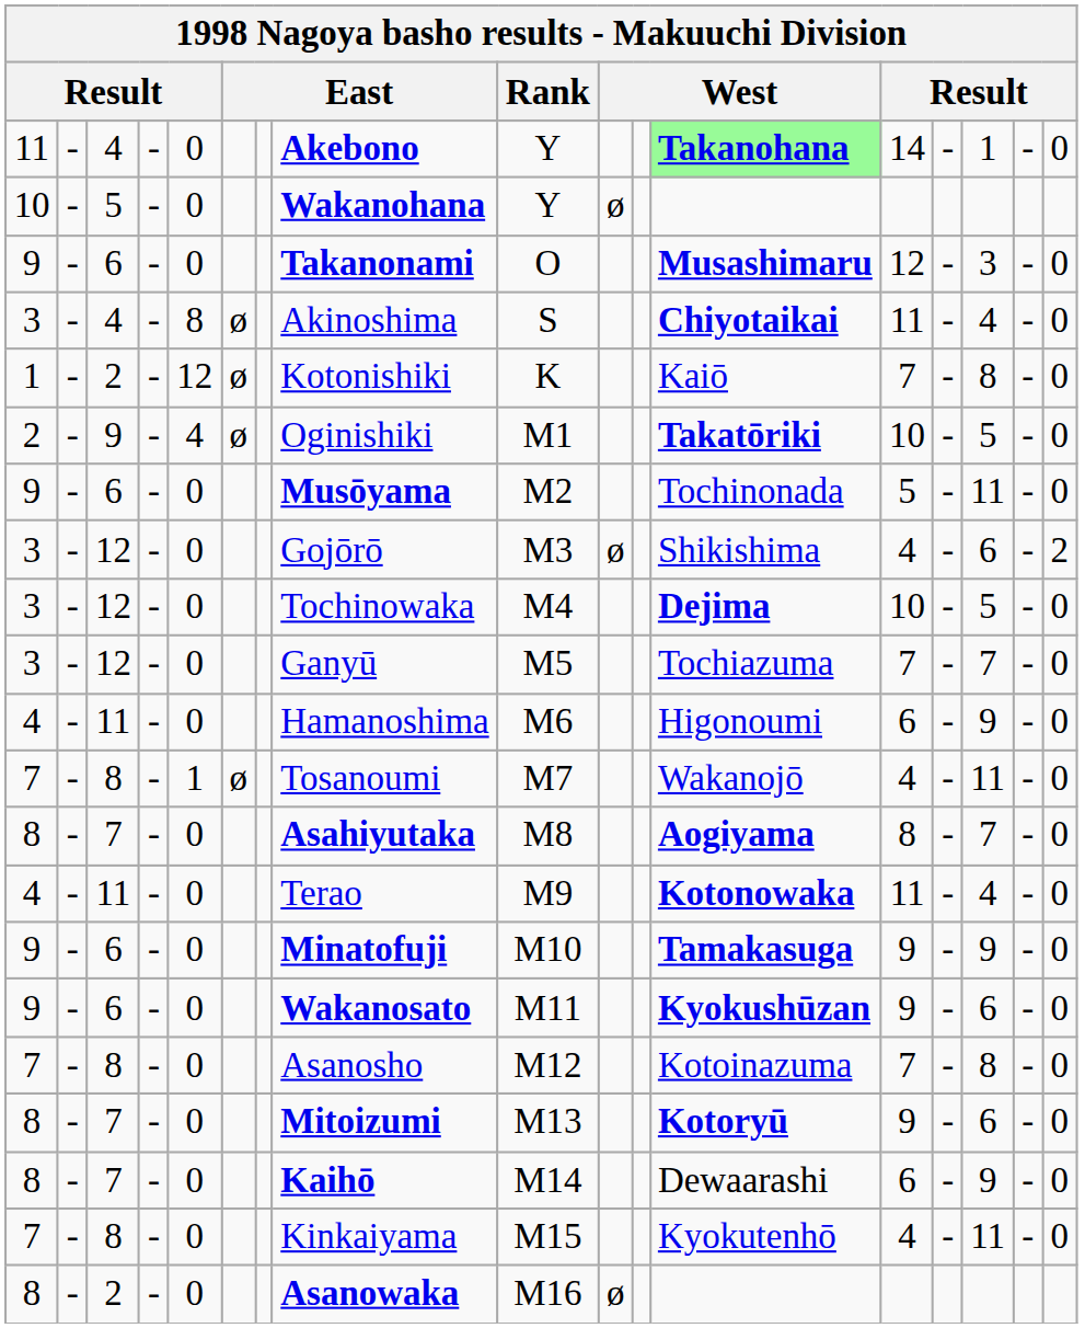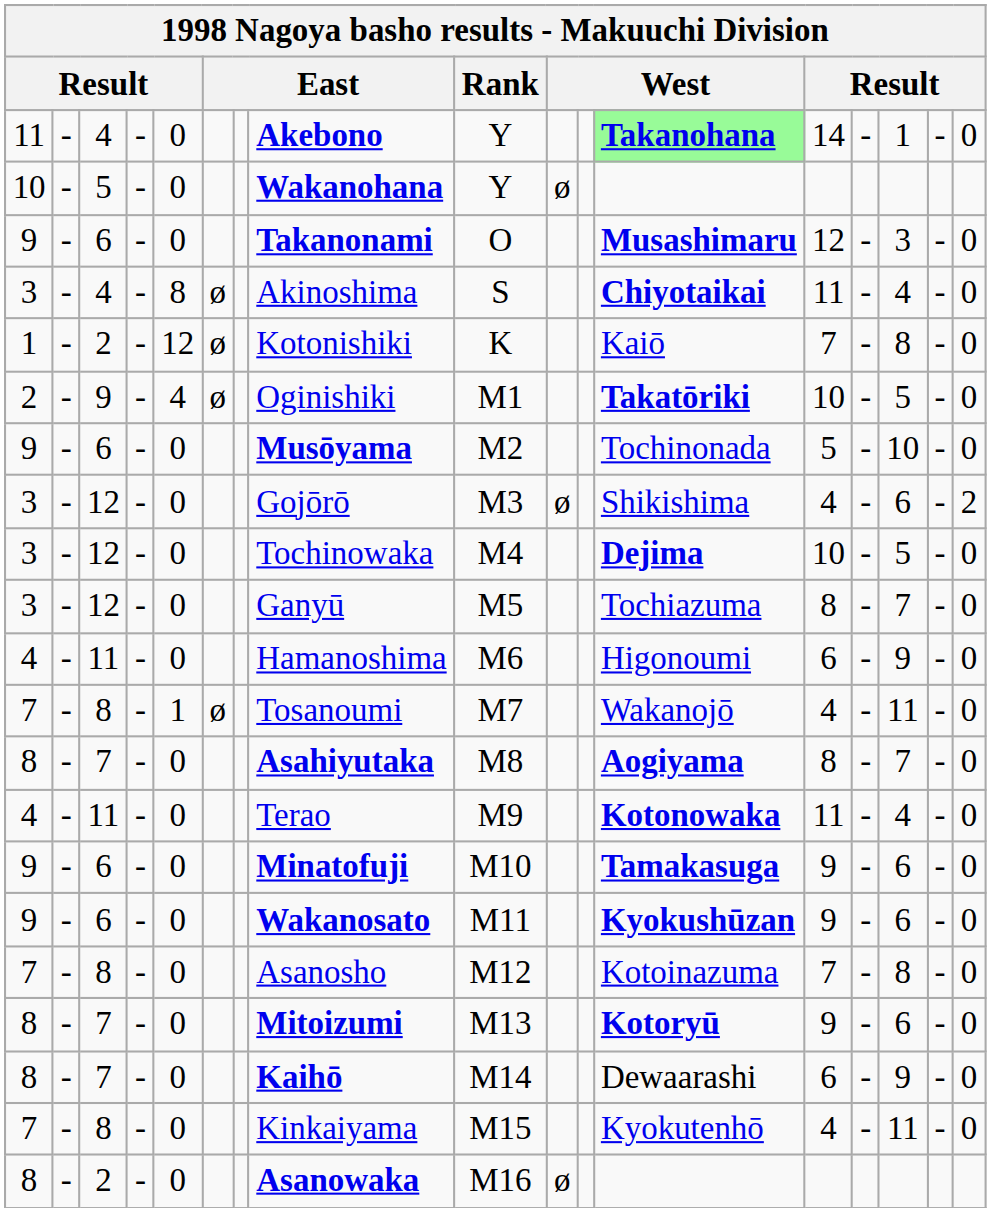 <table class="wikitable">
 <tr>
 <th colspan="17">1998 Nagoya basho results - Makuuchi Division</th>
 </tr>
 <tr>
 <th colspan="5">Result</th>
 <th colspan="3">East</th>
 <th>Rank</th>
 <th colspan="3">West</th>
 <th colspan="5">Result</th>
 </tr>
 <tr>
 <td align=center>11</td>
 <td align=center>-</td>
 <td align=center>4</td>
 <td align=center>-</td>
 <td align=center>0</td>
 <td align=center></td>
 <td align=center></td>
 <td><strong><a href='#'>Akebono</a></strong></td>
 <td align=center>Y</td>
 <td align=center></td>
 <td align=center></td>
 <td style="background: PaleGreen;"><strong><a href='#'>Takanohana</a></strong></td>
 <td align=center>14</td>
 <td align=center>-</td>
 <td align=center>1</td>
 <td align=center>-</td>
 <td align=center>0</td>
 </tr>
 <tr>
 <td align=center>10</td>
 <td align=center>-</td>
 <td align=center>5</td>
 <td align=center>-</td>
 <td align=center>0</td>
 <td align=center></td>
 <td align=center></td>
 <td><strong><a href='#'>Wakanohana</a></strong></td>
 <td align=center>Y</td>
 <td align=center>ø</td>
 <td align=center></td>
 <td></td>
 <td align=center></td>
 <td align=center></td>
 <td align=center></td>
 <td align=center></td>
 <td align=center></td>
 </tr>
 <tr>
 <td align=center>9</td>
 <td align=center>-</td>
 <td align=center>6</td>
 <td align=center>-</td>
 <td align=center>0</td>
 <td align=center></td>
 <td align=center></td>
 <td><strong><a href='#'>Takanonami</a></strong></td>
 <td align=center>O</td>
 <td align=center></td>
 <td align=center></td>
 <td><strong><a href='#'>Musashimaru</a></strong></td>
 <td align=center>12</td>
 <td align=center>-</td>
 <td align=center>3</td>
 <td align=center>-</td>
 <td align=center>0</td>
 </tr>
 <tr>
 <td align=center>3</td>
 <td align=center>-</td>
 <td align=center>4</td>
 <td align=center>-</td>
 <td align=center>8</td>
 <td align=center>ø</td>
 <td align=center></td>
 <td><a href='#'>Akinoshima</a></td>
 <td align=center>S</td>
 <td align=center></td>
 <td align=center></td>
 <td><strong><a href='#'>Chiyotaikai</a></strong></td>
 <td align=center>11</td>
 <td align=center>-</td>
 <td align=center>4</td>
 <td align=center>-</td>
 <td align=center>0</td>
 </tr>
 <tr>
 <td align=center>1</td>
 <td align=center>-</td>
 <td align=center>2</td>
 <td align=center>-</td>
 <td align=center>12</td>
 <td align=center>ø</td>
 <td align=center></td>
 <td><a href='#'>Kotonishiki</a></td>
 <td align=center>K</td>
 <td align=center></td>
 <td align=center></td>
 <td><a href='#'>Kaiō</a></td>
 <td align=center>7</td>
 <td align=center>-</td>
 <td align=center>8</td>
 <td align=center>-</td>
 <td align=center>0</td>
 </tr>
 <tr>
 <td align=center>2</td>
 <td align=center>-</td>
 <td align=center>9</td>
 <td align=center>-</td>
 <td align=center>4</td>
 <td align=center>ø</td>
 <td align=center></td>
 <td><a href='#'>Oginishiki</a></td>
 <td align=center>M1</td>
 <td align=center></td>
 <td align=center></td>
 <td><strong><a href='#'>Takatōriki</a></strong></td>
 <td align=center>10</td>
 <td align=center>-</td>
 <td align=center>5</td>
 <td align=center>-</td>
 <td align=center>0</td>
 </tr>
 <tr>
 <td align=center>9</td>
 <td align=center>-</td>
 <td align=center>6</td>
 <td align=center>-</td>
 <td align=center>0</td>
 <td align=center></td>
 <td align=center></td>
 <td><strong><a href='#'>Musōyama</a></strong></td>
 <td align=center>M2</td>
 <td align=center></td>
 <td align=center></td>
 <td><a href='#'>Tochinonada</a></td>
 <td align=center>5</td>
 <td align=center>-</td>
-<td align=center>11</td>
+<td align=center>10</td>
 <td align=center>-</td>
 <td align=center>0</td>
 </tr>
 <tr>
 <td align=center>3</td>
 <td align=center>-</td>
 <td align=center>12</td>
 <td align=center>-</td>
 <td align=center>0</td>
 <td align=center></td>
 <td align=center></td>
 <td><a href='#'>Gojōrō</a></td>
 <td align=center>M3</td>
 <td align=center>ø</td>
 <td align=center></td>
 <td><a href='#'>Shikishima</a></td>
 <td align=center>4</td>
 <td align=center>-</td>
 <td align=center>6</td>
 <td align=center>-</td>
 <td align=center>2</td>
 </tr>
 <tr>
 <td align=center>3</td>
 <td align=center>-</td>
 <td align=center>12</td>
 <td align=center>-</td>
 <td align=center>0</td>
 <td align=center></td>
 <td align=center></td>
 <td><a href='#'>Tochinowaka</a></td>
 <td align=center>M4</td>
 <td align=center></td>
 <td align=center></td>
 <td><strong><a href='#'>Dejima</a></strong></td>
 <td align=center>10</td>
 <td align=center>-</td>
 <td align=center>5</td>
 <td align=center>-</td>
 <td align=center>0</td>
 </tr>
 <tr>
 <td align=center>3</td>
 <td align=center>-</td>
 <td align=center>12</td>
 <td align=center>-</td>
 <td align=center>0</td>
 <td align=center></td>
 <td align=center></td>
 <td><a href='#'>Ganyū</a></td>
 <td align=center>M5</td>
 <td align=center></td>
 <td align=center></td>
 <td><a href='#'>Tochiazuma</a></td>
-<td align=center>7</td>
+<td align=center>8</td>
 <td align=center>-</td>
 <td align=center>7</td>
 <td align=center>-</td>
 <td align=center>0</td>
 </tr>
 <tr>
 <td align=center>4</td>
 <td align=center>-</td>
 <td align=center>11</td>
 <td align=center>-</td>
 <td align=center>0</td>
 <td align=center></td>
 <td align=center></td>
 <td><a href='#'>Hamanoshima</a></td>
 <td align=center>M6</td>
 <td align=center></td>
 <td align=center></td>
 <td><a href='#'>Higonoumi</a></td>
 <td align=center>6</td>
 <td align=center>-</td>
 <td align=center>9</td>
 <td align=center>-</td>
 <td align=center>0</td>
 </tr>
 <tr>
 <td align=center>7</td>
 <td align=center>-</td>
 <td align=center>8</td>
 <td align=center>-</td>
 <td align=center>1</td>
 <td align=center>ø</td>
 <td align=center></td>
 <td><a href='#'>Tosanoumi</a></td>
 <td align=center>M7</td>
 <td align=center></td>
 <td align=center></td>
 <td><a href='#'>Wakanojō</a></td>
 <td align=center>4</td>
 <td align=center>-</td>
 <td align=center>11</td>
 <td align=center>-</td>
 <td align=center>0</td>
 </tr>
 <tr>
 <td align=center>8</td>
 <td align=center>-</td>
 <td align=center>7</td>
 <td align=center>-</td>
 <td align=center>0</td>
 <td align=center></td>
 <td align=center></td>
 <td><strong><a href='#'>Asahiyutaka</a></strong></td>
 <td align=center>M8</td>
 <td align=center></td>
 <td align=center></td>
 <td><strong><a href='#'>Aogiyama</a></strong></td>
 <td align=center>8</td>
 <td align=center>-</td>
 <td align=center>7</td>
 <td align=center>-</td>
 <td align=center>0</td>
 </tr>
 <tr>
 <td align=center>4</td>
 <td align=center>-</td>
 <td align=center>11</td>
 <td align=center>-</td>
 <td align=center>0</td>
 <td align=center></td>
 <td align=center></td>
 <td><a href='#'>Terao</a></td>
 <td align=center>M9</td>
 <td align=center></td>
 <td align=center></td>
 <td><strong><a href='#'>Kotonowaka</a></strong></td>
 <td align=center>11</td>
 <td align=center>-</td>
 <td align=center>4</td>
 <td align=center>-</td>
 <td align=center>0</td>
 </tr>
 <tr>
 <td align=center>9</td>
 <td align=center>-</td>
 <td align=center>6</td>
 <td align=center>-</td>
 <td align=center>0</td>
 <td align=center></td>
 <td align=center></td>
 <td><strong><a href='#'>Minatofuji</a></strong></td>
 <td align=center>M10</td>
 <td align=center></td>
 <td align=center></td>
 <td><strong><a href='#'>Tamakasuga</a></strong></td>
 <td align=center>9</td>
 <td align=center>-</td>
-<td align=center>9</td>
+<td align=center>6</td>
 <td align=center>-</td>
 <td align=center>0</td>
 </tr>
 <tr>
 <td align=center>9</td>
 <td align=center>-</td>
 <td align=center>6</td>
 <td align=center>-</td>
 <td align=center>0</td>
 <td align=center></td>
 <td align=center></td>
 <td><strong><a href='#'>Wakanosato</a></strong></td>
 <td align=center>M11</td>
 <td align=center></td>
 <td align=center></td>
 <td><strong><a href='#'>Kyokushūzan</a></strong></td>
 <td align=center>9</td>
 <td align=center>-</td>
 <td align=center>6</td>
 <td align=center>-</td>
 <td align=center>0</td>
 </tr>
 <tr>
 <td align=center>7</td>
 <td align=center>-</td>
 <td align=center>8</td>
 <td align=center>-</td>
 <td align=center>0</td>
 <td align=center></td>
 <td align=center></td>
 <td><a href='#'>Asanosho</a></td>
 <td align=center>M12</td>
 <td align=center></td>
 <td align=center></td>
 <td><a href='#'>Kotoinazuma</a></td>
 <td align=center>7</td>
 <td align=center>-</td>
 <td align=center>8</td>
 <td align=center>-</td>
 <td align=center>0</td>
 </tr>
 <tr>
 <td align=center>8</td>
 <td align=center>-</td>
 <td align=center>7</td>
 <td align=center>-</td>
 <td align=center>0</td>
 <td align=center></td>
 <td align=center></td>
 <td><strong><a href='#'>Mitoizumi</a></strong></td>
 <td align=center>M13</td>
 <td align=center></td>
 <td align=center></td>
 <td><strong><a href='#'>Kotoryū</a></strong></td>
 <td align=center>9</td>
 <td align=center>-</td>
 <td align=center>6</td>
 <td align=center>-</td>
 <td align=center>0</td>
 </tr>
 <tr>
 <td align=center>8</td>
 <td align=center>-</td>
 <td align=center>7</td>
 <td align=center>-</td>
 <td align=center>0</td>
 <td align=center></td>
 <td align=center></td>
 <td><strong><a href='#'>Kaihō</a></strong></td>
 <td align=center>M14</td>
 <td align=center></td>
 <td align=center></td>
 <td>Dewaarashi</td>
 <td align=center>6</td>
 <td align=center>-</td>
 <td align=center>9</td>
 <td align=center>-</td>
 <td align=center>0</td>
 </tr>
 <tr>
 <td align=center>7</td>
 <td align=center>-</td>
 <td align=center>8</td>
 <td align=center>-</td>
 <td align=center>0</td>
 <td align=center></td>
 <td align=center></td>
 <td><a href='#'>Kinkaiyama</a></td>
 <td align=center>M15</td>
 <td align=center></td>
 <td align=center></td>
 <td><a href='#'>Kyokutenhō</a></td>
 <td align=center>4</td>
 <td align=center>-</td>
 <td align=center>11</td>
 <td align=center>-</td>
 <td align=center>0</td>
 </tr>
 <tr>
 <td align=center>8</td>
 <td align=center>-</td>
 <td align=center>2</td>
 <td align=center>-</td>
 <td align=center>0</td>
 <td align=center></td>
 <td align=center></td>
 <td><strong><a href='#'>Asanowaka</a></strong></td>
 <td align=center>M16</td>
 <td align=center>ø</td>
 <td align=center></td>
 <td></td>
 <td align=center></td>
 <td align=center></td>
 <td align=center></td>
 <td align=center></td>
 <td align=center></td>
 </tr>
 </table>
